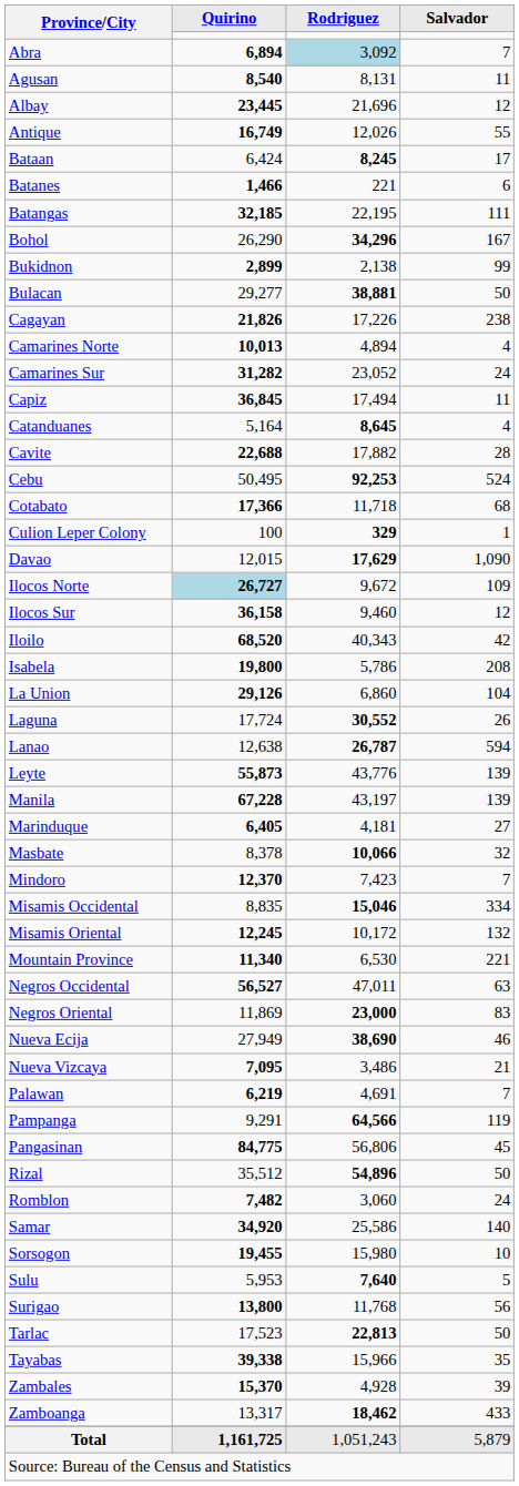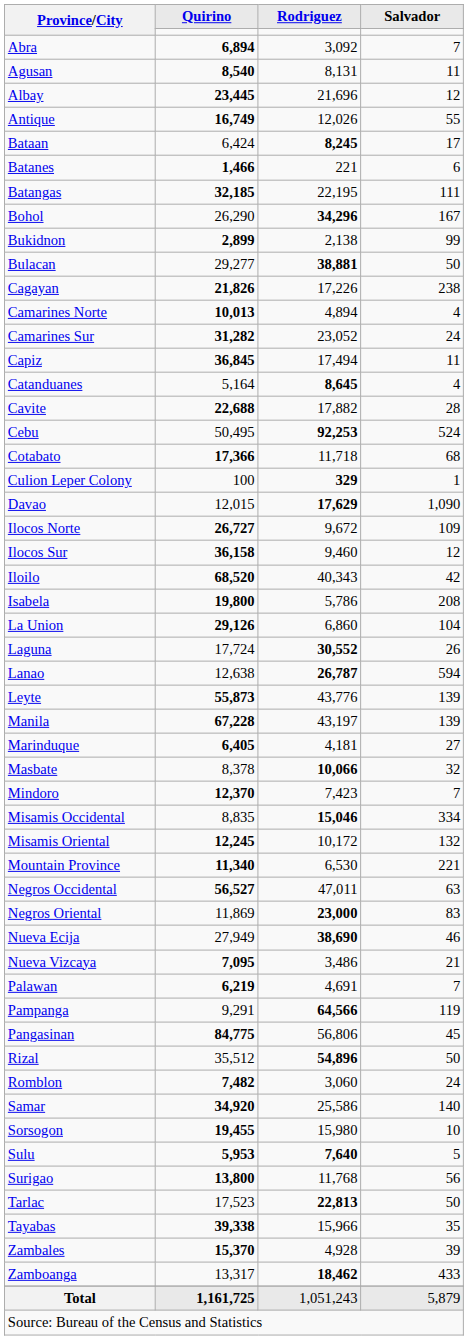 <table class="wikitable" style="text-align:right; font-size:95%">
 <tr>
 <th rowspan="2" width="150px" align="left"><a href='#'>Province</a>/<a href='#'>City</a></th>
 <th width="100px" align="center" style="background: #E9E9E9"><a href='#'>Quirino</a></th>
 <th width="100px" align="center" style="background: #E9E9E9"><a href='#'>Rodriguez</a></th>
 <th width="100px" align="center" style="background: #E9E9E9">Salvador</th>
 </tr>
 <tr>
 <td></td>
 <td></td>
 <td></td>
 </tr>
 <tr>
 <td align="left"><a href='#'>Abra</a></td>
 <td><strong>6,894</strong></td>
-<td style="background: lightblue;">3,092</td>
+<td>3,092</td>
 <td>7</td>
 </tr>
 <tr>
 <td align="left"><a href='#'>Agusan</a></td>
 <td><strong>8,540</strong></td>
 <td>8,131</td>
 <td>11</td>
 </tr>
 <tr>
 <td align="left"><a href='#'>Albay</a></td>
 <td><strong>23,445</strong></td>
 <td>21,696</td>
 <td>12</td>
 </tr>
 <tr>
 <td align="left"><a href='#'>Antique</a></td>
 <td><strong>16,749</strong></td>
 <td>12,026</td>
 <td>55</td>
 </tr>
 <tr>
 <td align="left"><a href='#'>Bataan</a></td>
 <td>6,424</td>
 <td><strong>8,245</strong></td>
 <td>17</td>
 </tr>
 <tr>
 <td align="left"><a href='#'>Batanes</a></td>
 <td><strong>1,466</strong></td>
 <td>221</td>
 <td>6</td>
 </tr>
 <tr>
 <td align="left"><a href='#'>Batangas</a></td>
 <td><strong>32,185</strong></td>
 <td>22,195</td>
 <td>111</td>
 </tr>
 <tr>
 <td align="left"><a href='#'>Bohol</a></td>
 <td>26,290</td>
 <td><strong>34,296</strong></td>
 <td>167</td>
 </tr>
 <tr>
 <td align="left"><a href='#'>Bukidnon</a></td>
 <td><strong>2,899</strong></td>
 <td>2,138</td>
 <td>99</td>
 </tr>
 <tr>
 <td align="left"><a href='#'>Bulacan</a></td>
 <td>29,277</td>
 <td><strong>38,881</strong></td>
 <td>50</td>
 </tr>
 <tr>
 <td align="left"><a href='#'>Cagayan</a></td>
 <td><strong>21,826</strong></td>
 <td>17,226</td>
 <td>238</td>
 </tr>
 <tr>
 <td align="left"><a href='#'>Camarines Norte</a></td>
 <td><strong>10,013</strong></td>
 <td>4,894</td>
 <td>4</td>
 </tr>
 <tr>
 <td align="left"><a href='#'>Camarines Sur</a></td>
 <td><strong>31,282</strong></td>
 <td>23,052</td>
 <td>24</td>
 </tr>
 <tr>
 <td align="left"><a href='#'>Capiz</a></td>
 <td><strong>36,845</strong></td>
 <td>17,494</td>
 <td>11</td>
 </tr>
 <tr>
 <td align="left"><a href='#'>Catanduanes</a></td>
 <td>5,164</td>
 <td><strong>8,645</strong></td>
 <td>4</td>
 </tr>
 <tr>
 <td align="left"><a href='#'>Cavite</a></td>
 <td><strong>22,688</strong></td>
 <td>17,882</td>
 <td>28</td>
 </tr>
 <tr>
 <td align="left"><a href='#'>Cebu</a></td>
 <td>50,495</td>
 <td><strong>92,253</strong></td>
 <td>524</td>
 </tr>
 <tr>
 <td align="left"><a href='#'>Cotabato</a></td>
 <td><strong>17,366</strong></td>
 <td>11,718</td>
 <td>68</td>
 </tr>
 <tr>
 <td align="left"><a href='#'>Culion Leper Colony</a></td>
 <td>100</td>
 <td><strong>329</strong></td>
 <td>1</td>
 </tr>
 <tr>
 <td align="left"><a href='#'>Davao</a></td>
 <td>12,015</td>
 <td><strong>17,629</strong></td>
 <td>1,090</td>
 </tr>
 <tr>
 <td align="left"><a href='#'>Ilocos Norte</a></td>
-<td style="background: lightblue;"><strong>26,727</strong></td>
+<td><strong>26,727</strong></td>
 <td>9,672</td>
 <td>109</td>
 </tr>
 <tr>
 <td align="left"><a href='#'>Ilocos Sur</a></td>
 <td><strong>36,158</strong></td>
 <td>9,460</td>
 <td>12</td>
 </tr>
 <tr>
 <td align="left"><a href='#'>Iloilo</a></td>
 <td><strong>68,520</strong></td>
 <td>40,343</td>
 <td>42</td>
 </tr>
 <tr>
 <td align="left"><a href='#'>Isabela</a></td>
 <td><strong>19,800</strong></td>
 <td>5,786</td>
 <td>208</td>
 </tr>
 <tr>
 <td align="left"><a href='#'>La Union</a></td>
 <td><strong>29,126</strong></td>
 <td>6,860</td>
 <td>104</td>
 </tr>
 <tr>
 <td align="left"><a href='#'>Laguna</a></td>
 <td>17,724</td>
 <td><strong>30,552</strong></td>
 <td>26</td>
 </tr>
 <tr>
 <td align="left"><a href='#'>Lanao</a></td>
 <td>12,638</td>
 <td><strong>26,787</strong></td>
 <td>594</td>
 </tr>
 <tr>
 <td align="left"><a href='#'>Leyte</a></td>
 <td><strong>55,873</strong></td>
 <td>43,776</td>
 <td>139</td>
 </tr>
 <tr>
 <td align="left"><a href='#'>Manila</a></td>
 <td><strong>67,228</strong></td>
 <td>43,197</td>
 <td>139</td>
 </tr>
 <tr>
 <td align="left"><a href='#'>Marinduque</a></td>
 <td><strong>6,405</strong></td>
 <td>4,181</td>
 <td>27</td>
 </tr>
 <tr>
 <td align="left"><a href='#'>Masbate</a></td>
 <td>8,378</td>
 <td><strong>10,066</strong></td>
 <td>32</td>
 </tr>
 <tr>
 <td align="left"><a href='#'>Mindoro</a></td>
 <td><strong>12,370</strong></td>
 <td>7,423</td>
 <td>7</td>
 </tr>
 <tr>
 <td align="left"><a href='#'>Misamis Occidental</a></td>
 <td>8,835</td>
 <td><strong>15,046</strong></td>
 <td>334</td>
 </tr>
 <tr>
 <td align="left"><a href='#'>Misamis Oriental</a></td>
 <td><strong>12,245</strong></td>
 <td>10,172</td>
 <td>132</td>
 </tr>
 <tr>
 <td align="left"><a href='#'>Mountain Province</a></td>
 <td><strong>11,340</strong></td>
 <td>6,530</td>
 <td>221</td>
 </tr>
 <tr>
 <td align="left"><a href='#'>Negros Occidental</a></td>
 <td><strong>56,527</strong></td>
 <td>47,011</td>
 <td>63</td>
 </tr>
 <tr>
 <td align="left"><a href='#'>Negros Oriental</a></td>
 <td>11,869</td>
 <td><strong>23,000</strong></td>
 <td>83</td>
 </tr>
 <tr>
 <td align="left"><a href='#'>Nueva Ecija</a></td>
 <td>27,949</td>
 <td><strong>38,690</strong></td>
 <td>46</td>
 </tr>
 <tr>
 <td align="left"><a href='#'>Nueva Vizcaya</a></td>
 <td><strong>7,095</strong></td>
 <td>3,486</td>
 <td>21</td>
 </tr>
 <tr>
 <td align="left"><a href='#'>Palawan</a></td>
 <td><strong>6,219</strong></td>
 <td>4,691</td>
 <td>7</td>
 </tr>
 <tr>
 <td align="left"><a href='#'>Pampanga</a></td>
 <td>9,291</td>
 <td><strong>64,566</strong></td>
 <td>119</td>
 </tr>
 <tr>
 <td align="left"><a href='#'>Pangasinan</a></td>
 <td><strong>84,775</strong></td>
 <td>56,806</td>
 <td>45</td>
 </tr>
 <tr>
 <td align="left"><a href='#'>Rizal</a></td>
 <td>35,512</td>
 <td><strong>54,896</strong></td>
 <td>50</td>
 </tr>
 <tr>
 <td align="left"><a href='#'>Romblon</a></td>
 <td><strong>7,482</strong></td>
 <td>3,060</td>
 <td>24</td>
 </tr>
 <tr>
 <td align="left"><a href='#'>Samar</a></td>
 <td><strong>34,920</strong></td>
 <td>25,586</td>
 <td>140</td>
 </tr>
 <tr>
 <td align="left"><a href='#'>Sorsogon</a></td>
 <td><strong>19,455</strong></td>
 <td>15,980</td>
 <td>10</td>
 </tr>
 <tr>
 <td align="left"><a href='#'>Sulu</a></td>
-<td>5,953</td>
+<td><strong>5,953</strong></td>
 <td><strong>7,640</strong></td>
 <td>5</td>
 </tr>
 <tr>
 <td align="left"><a href='#'>Surigao</a></td>
 <td><strong>13,800</strong></td>
 <td>11,768</td>
 <td>56</td>
 </tr>
 <tr>
 <td align="left"><a href='#'>Tarlac</a></td>
 <td>17,523</td>
 <td><strong>22,813</strong></td>
 <td>50</td>
 </tr>
 <tr>
 <td align="left"><a href='#'>Tayabas</a></td>
 <td><strong>39,338</strong></td>
 <td>15,966</td>
 <td>35</td>
 </tr>
 <tr>
 <td align="left"><a href='#'>Zambales</a></td>
 <td><strong>15,370</strong></td>
 <td>4,928</td>
 <td>39</td>
 </tr>
 <tr>
 <td align="left"><a href='#'>Zamboanga</a></td>
 <td>13,317</td>
 <td><strong>18,462</strong></td>
 <td>433</td>
 </tr>
 <tr>
 </tr>
 <tr style="background:#E9E9E9">
 <th align="center"><strong>Total</strong></th>
 <td><strong>1,161,725</strong></td>
 <td>1,051,243</td>
 <td>5,879</td>
 </tr>
 <tr>
 <td colspan="4" align="left">Source: Bureau of the Census and Statistics</td>
 </tr>
 </table>
